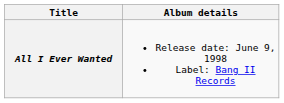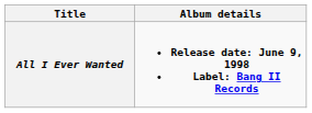 <table class="wikitable plainrowheaders" style="text-align:center;">
 <tr>
 <th style="width:12em;">Title</th>
 <th style="width:16em;">Album details</th>
 </tr>
 <tr>
 <th scope="row"><em>All I Ever Wanted</em></th>
-<td><br><ul><li>Release date: June 9, 1998</li><li>Label: <a href='#'>Bang II Records</a></li></ul></td>
+<td><strong><br><ul><li>Release date: June 9, 1998</li><li>Label: <a href='#'>Bang II Records</a></li></ul></strong></td>
 </tr>
 </table>
